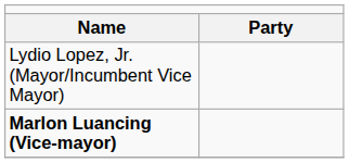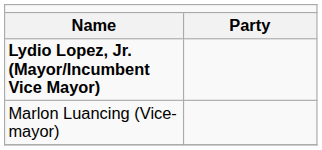 <table class=wikitable style="font-size:90%">
 <tr>
 <td colspan=4 bgcolor=></td>
 </tr>
 <tr>
 <th width=150px>Name</th>
 <th colspan=2 width=110px>Party</th>
 </tr>
 <tr>
-<td>Lydio Lopez, Jr. (Mayor/Incumbent Vice Mayor)</td>
+<td><strong>Lydio Lopez, Jr. (Mayor/Incumbent Vice Mayor)</strong></td>
 <td></td>
 </tr>
 <tr>
-<td><strong>Marlon Luancing (Vice-mayor)</strong></td>
+<td>Marlon Luancing (Vice-mayor)</td>
 <td></td>
 </tr>
 <tr>
 </tr>
 </table>
